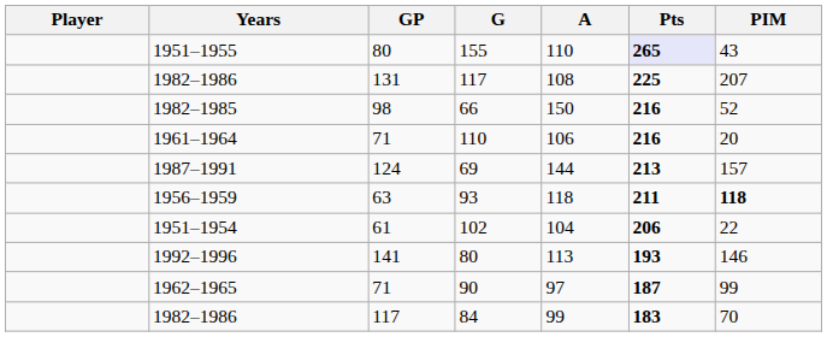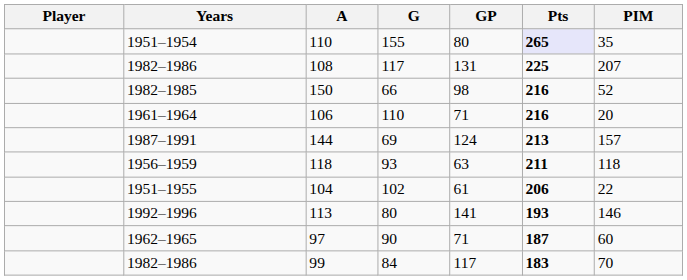 <table class="wikitable sortable" width ="700" cellpadding="1" border="1" cellspacing="0">
 <tr>
 <th>Player</th>
 <th>Years</th>
+<th>A</th>
+<th>G</th>
 <th>GP</th>
-<th>G</th>
-<th>A</th>
 <th>Pts</th>
 <th>PIM</th>
 </tr>
 <tr>
 <td></td>
-<td>1951–1955</td>
+<td>1951–1954</td>
+<td>110</td>
+<td>155</td>
 <td>80</td>
-<td>155</td>
-<td>110</td>
 <td style="background: lavender;"><strong>265</strong></td>
-<td>43</td>
+<td>35</td>
 </tr>
 <tr>
 <td></td>
 <td>1982–1986</td>
+<td>108</td>
+<td>117</td>
 <td>131</td>
-<td>117</td>
-<td>108</td>
 <td><strong>225</strong></td>
 <td>207</td>
 </tr>
 <tr>
 <td></td>
 <td>1982–1985</td>
+<td>150</td>
+<td>66</td>
 <td>98</td>
-<td>66</td>
-<td>150</td>
 <td><strong>216</strong></td>
 <td>52</td>
 </tr>
 <tr>
 <td></td>
 <td>1961–1964</td>
+<td>106</td>
+<td>110</td>
 <td>71</td>
-<td>110</td>
-<td>106</td>
 <td><strong>216</strong></td>
 <td>20</td>
 </tr>
 <tr>
 <td></td>
 <td>1987–1991</td>
+<td>144</td>
+<td>69</td>
 <td>124</td>
-<td>69</td>
-<td>144</td>
 <td><strong>213</strong></td>
 <td>157</td>
 </tr>
 <tr>
 <td></td>
 <td>1956–1959</td>
+<td>118</td>
+<td>93</td>
 <td>63</td>
-<td>93</td>
+<td><strong>211</strong></td>
 <td>118</td>
-<td><strong>211</strong></td>
-<td><strong>118</strong></td>
 </tr>
 <tr>
 <td></td>
-<td>1951–1954</td>
+<td>1951–1955</td>
+<td>104</td>
+<td>102</td>
 <td>61</td>
-<td>102</td>
-<td>104</td>
 <td><strong>206</strong></td>
 <td>22</td>
 </tr>
 <tr>
 <td></td>
 <td>1992–1996</td>
+<td>113</td>
+<td>80</td>
 <td>141</td>
-<td>80</td>
-<td>113</td>
 <td><strong>193</strong></td>
 <td>146</td>
 </tr>
 <tr>
 <td></td>
 <td>1962–1965</td>
+<td>97</td>
+<td>90</td>
 <td>71</td>
-<td>90</td>
-<td>97</td>
 <td><strong>187</strong></td>
-<td>99</td>
+<td>60</td>
 </tr>
 <tr>
 <td></td>
 <td>1982–1986</td>
+<td>99</td>
+<td>84</td>
 <td>117</td>
-<td>84</td>
-<td>99</td>
 <td><strong>183</strong></td>
 <td>70</td>
 </tr>
 </table>
